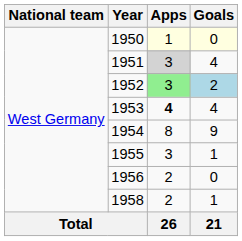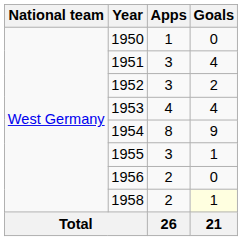 <table class="wikitable" style="text-align:center">
 <tr>
 <th>National team</th>
 <th>Year</th>
 <th>Apps</th>
 <th>Goals</th>
 </tr>
 <tr>
 <td rowspan="8"><a href='#'>West Germany</a></td>
 <td>1950</td>
-<td style="background: lightyellow;">1</td>
-<td style="background: lightyellow;">0</td>
+<td>1</td>
+<td>0</td>
 </tr>
 <tr>
 <td>1951</td>
-<td style="background: lightgrey;">3</td>
+<td>3</td>
 <td>4</td>
 </tr>
 <tr>
 <td>1952</td>
-<td style="background: lightgreen;">3</td>
-<td style="background: lightblue;">2</td>
+<td>3</td>
+<td>2</td>
 </tr>
 <tr>
 <td>1953</td>
-<td><strong>4</strong></td>
+<td>4</td>
 <td>4</td>
 </tr>
 <tr>
 <td>1954</td>
 <td>8</td>
 <td>9</td>
 </tr>
 <tr>
 <td>1955</td>
 <td>3</td>
 <td>1</td>
 </tr>
 <tr>
 <td>1956</td>
 <td>2</td>
 <td>0</td>
 </tr>
 <tr>
 <td>1958</td>
 <td>2</td>
-<td>1</td>
+<td style="background: lightyellow;">1</td>
 </tr>
 <tr>
 <th colspan="2">Total</th>
 <th>26</th>
 <th>21</th>
 </tr>
 </table>
